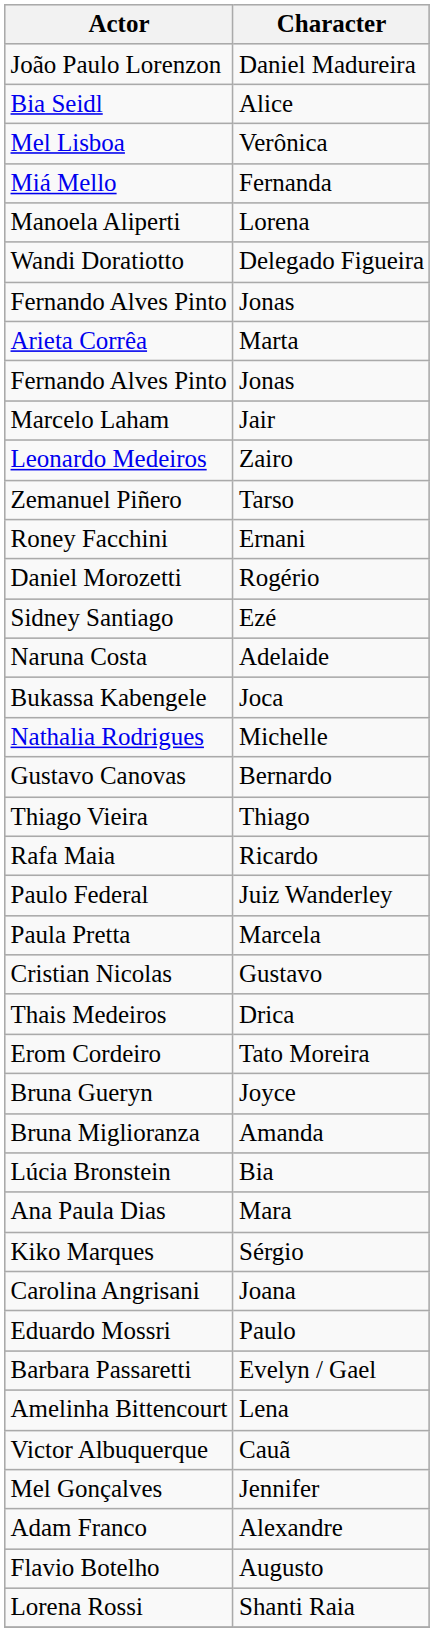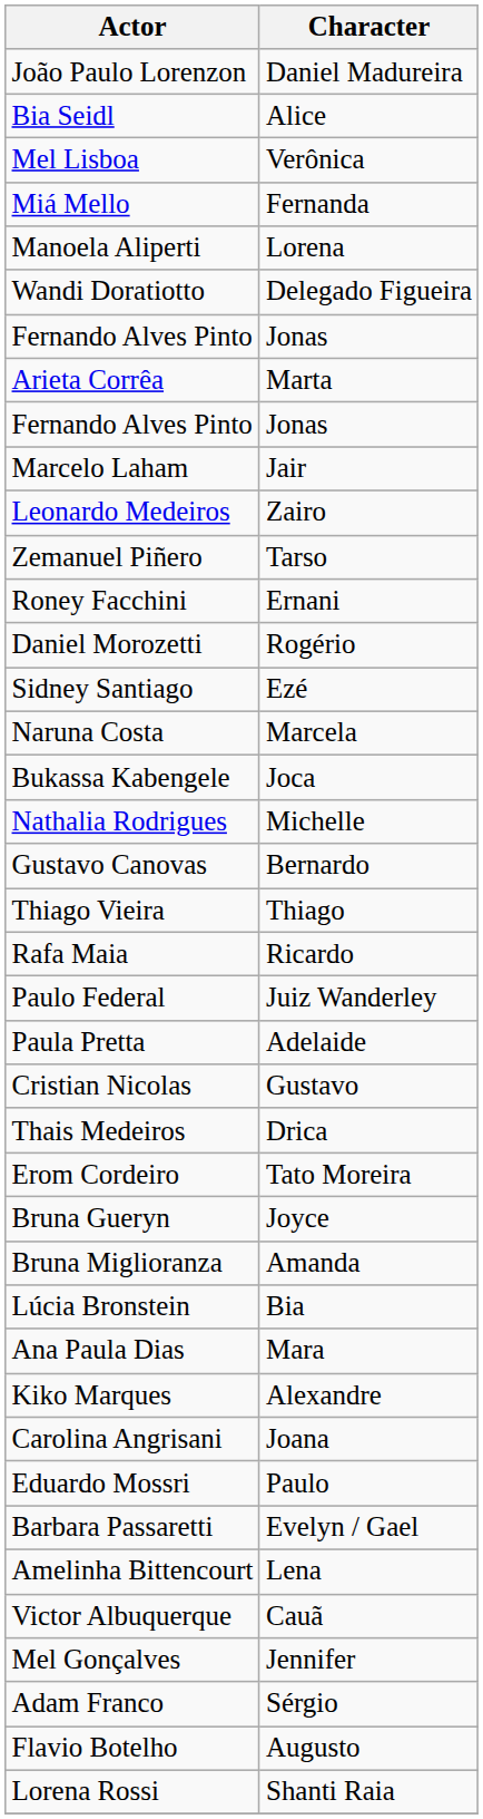 <table class="wikitable">
 <tr>
 <th>Actor</th>
 <th>Character</th>
 </tr>
 <tr>
 <td>João Paulo Lorenzon</td>
 <td>Daniel Madureira</td>
 </tr>
 <tr>
 <td><a href='#'>Bia Seidl</a></td>
 <td>Alice</td>
 </tr>
 <tr>
 <td><a href='#'>Mel Lisboa</a></td>
 <td>Verônica</td>
 </tr>
 <tr>
 <td><a href='#'>Miá Mello</a></td>
 <td>Fernanda</td>
 </tr>
 <tr>
 <td>Manoela Aliperti</td>
 <td>Lorena</td>
 </tr>
 <tr>
 <td>Wandi Doratiotto</td>
 <td>Delegado Figueira</td>
 </tr>
 <tr>
 <td>Fernando Alves Pinto</td>
 <td>Jonas</td>
 </tr>
 <tr>
 <td><a href='#'>Arieta Corrêa</a></td>
 <td>Marta</td>
 </tr>
 <tr>
 <td>Fernando Alves Pinto</td>
 <td>Jonas</td>
 </tr>
 <tr>
 <td>Marcelo Laham</td>
 <td>Jair</td>
 </tr>
 <tr>
 <td><a href='#'>Leonardo Medeiros</a></td>
 <td>Zairo</td>
 </tr>
 <tr>
 <td>Zemanuel Piñero</td>
 <td>Tarso</td>
 </tr>
 <tr>
 <td>Roney Facchini</td>
 <td>Ernani</td>
 </tr>
 <tr>
 <td>Daniel Morozetti</td>
 <td>Rogério</td>
 </tr>
 <tr>
 <td>Sidney Santiago</td>
 <td>Ezé</td>
 </tr>
 <tr>
 <td>Naruna Costa</td>
-<td>Adelaide</td>
+<td>Marcela</td>
 </tr>
 <tr>
 <td>Bukassa Kabengele</td>
 <td>Joca</td>
 </tr>
 <tr>
 <td><a href='#'>Nathalia Rodrigues</a></td>
 <td>Michelle</td>
 </tr>
 <tr>
 <td>Gustavo Canovas</td>
 <td>Bernardo</td>
 </tr>
 <tr>
 <td>Thiago Vieira</td>
 <td>Thiago</td>
 </tr>
 <tr>
 <td>Rafa Maia</td>
 <td>Ricardo</td>
 </tr>
 <tr>
 <td>Paulo Federal</td>
 <td>Juiz Wanderley</td>
 </tr>
 <tr>
 <td>Paula Pretta</td>
-<td>Marcela</td>
+<td>Adelaide</td>
 </tr>
 <tr>
 <td>Cristian Nicolas</td>
 <td>Gustavo</td>
 </tr>
 <tr>
 <td>Thais Medeiros</td>
 <td>Drica</td>
 </tr>
 <tr>
 <td>Erom Cordeiro</td>
 <td>Tato Moreira</td>
 </tr>
 <tr>
 <td>Bruna Gueryn</td>
 <td>Joyce</td>
 </tr>
 <tr>
 <td>Bruna Miglioranza</td>
 <td>Amanda</td>
 </tr>
 <tr>
 <td>Lúcia Bronstein</td>
 <td>Bia</td>
 </tr>
 <tr>
 <td>Ana Paula Dias</td>
 <td>Mara</td>
 </tr>
 <tr>
 <td>Kiko Marques</td>
-<td>Sérgio</td>
+<td>Alexandre</td>
 </tr>
 <tr>
 <td>Carolina Angrisani</td>
 <td>Joana</td>
 </tr>
 <tr>
 <td>Eduardo Mossri</td>
 <td>Paulo</td>
 </tr>
 <tr>
 <td>Barbara Passaretti</td>
 <td>Evelyn / Gael</td>
 </tr>
 <tr>
 <td>Amelinha Bittencourt</td>
 <td>Lena</td>
 </tr>
 <tr>
 <td>Victor Albuquerque</td>
 <td>Cauã</td>
 </tr>
 <tr>
 <td>Mel Gonçalves</td>
 <td>Jennifer</td>
 </tr>
 <tr>
 <td>Adam Franco</td>
-<td>Alexandre</td>
+<td>Sérgio</td>
 </tr>
 <tr>
 <td>Flavio Botelho</td>
 <td>Augusto</td>
 </tr>
 <tr>
 <td>Lorena Rossi</td>
 <td>Shanti Raia</td>
 </tr>
 <tr>
 </tr>
 </table>
